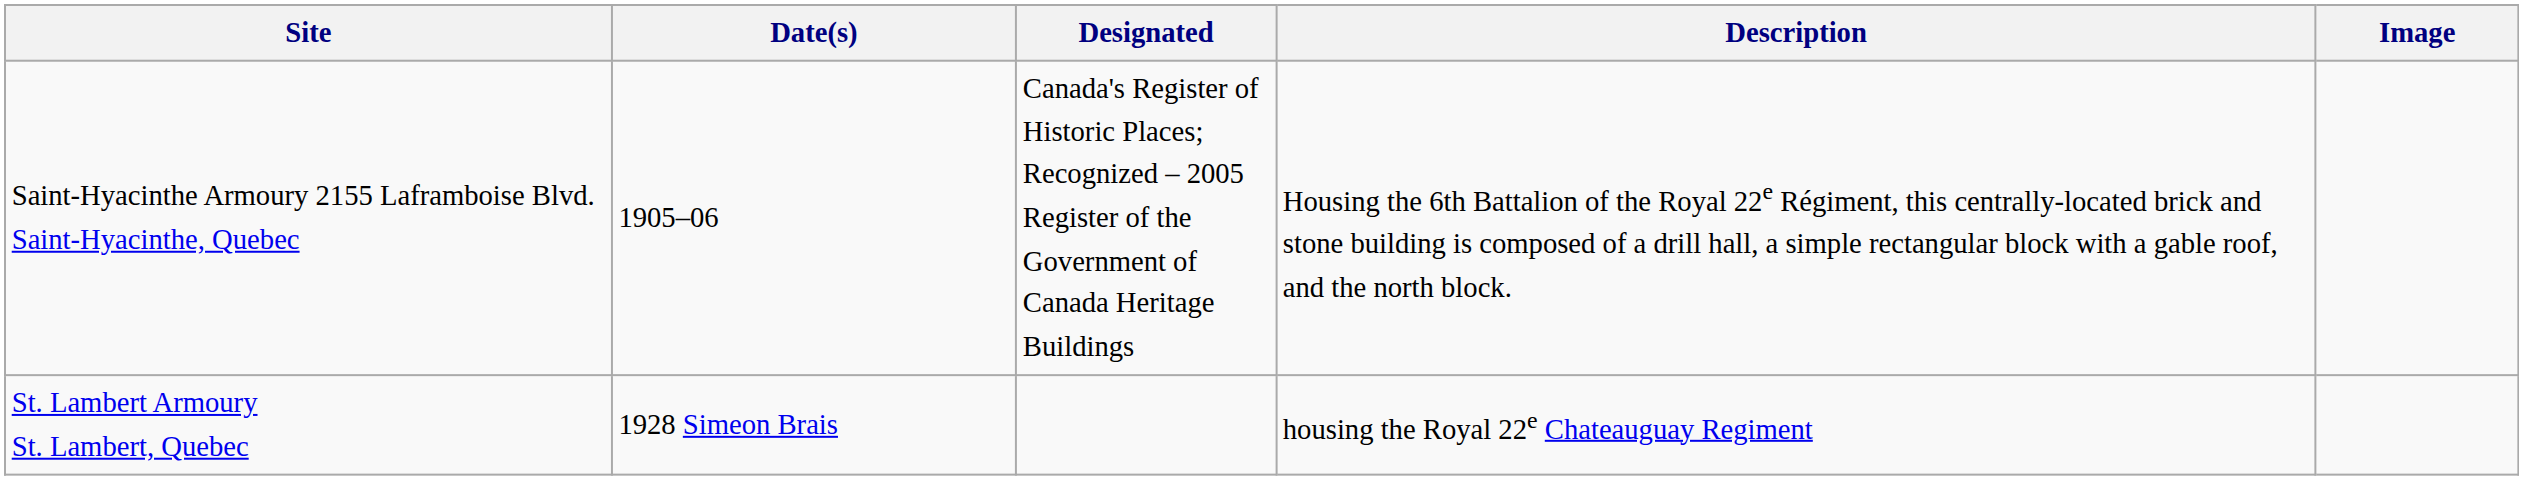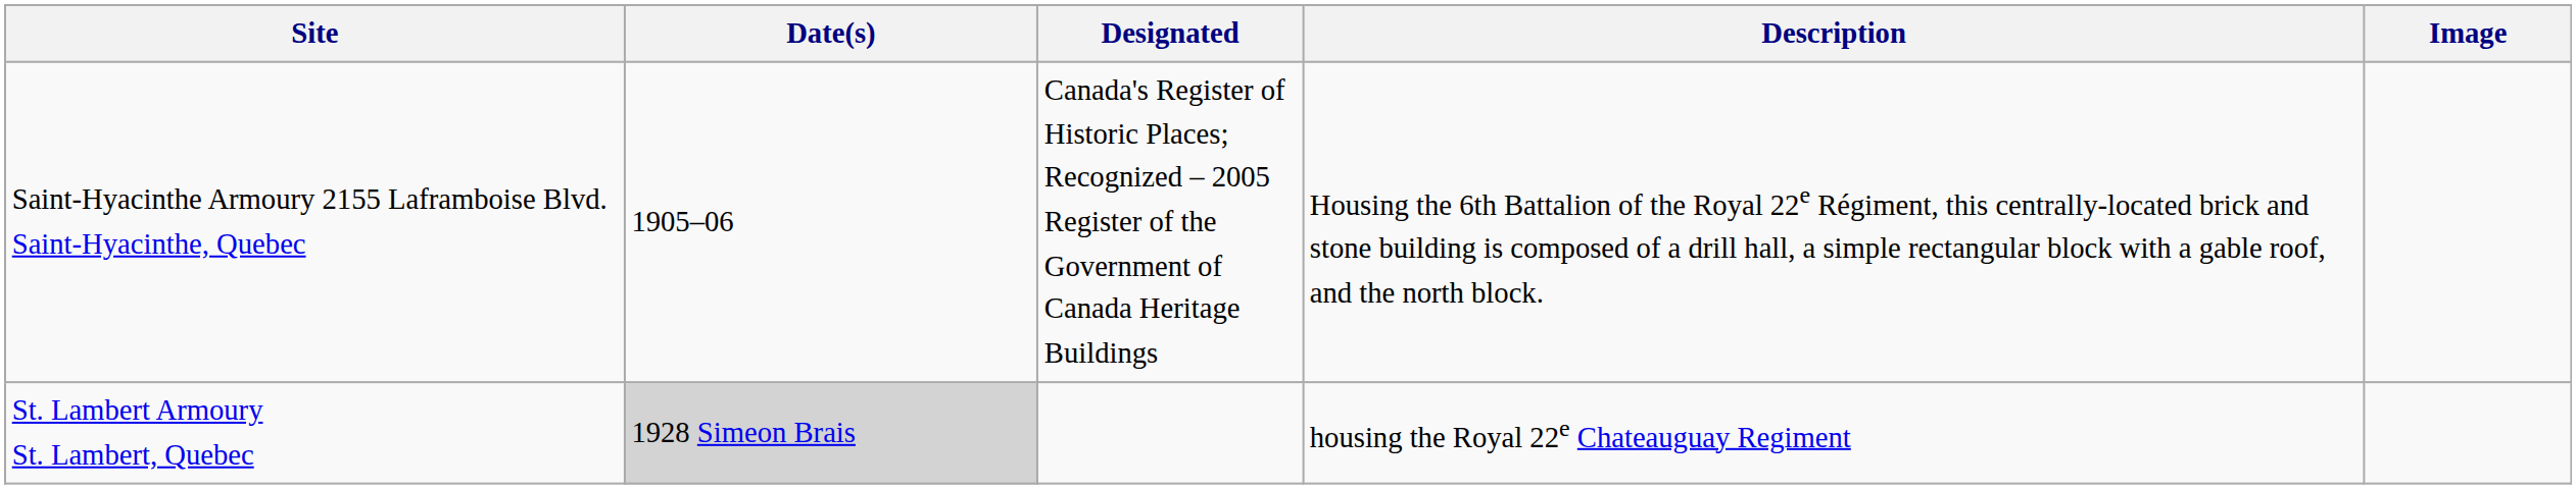 <table class="wikitable sortable" style="font-size:90%; width:100%; border:0; text-align:left; line-height:150%;">
 <tr>
 <th style="background:#f2f2f2; color:navy; width:21%;">Site</th>
 <th style="background:#f2f2f2; color:navy; width:14%;">Date(s)</th>
 <th style="background:#f2f2f2; color:navy; width:9%;">Designated</th>
 <th style="background:#f2f2f2; color:navy; width:36%;" class="unsortable">Description</th>
 <th style="background:#f2f2f2; color:navy; width:7%;" class="unsortable">Image</th>
 </tr>
 <tr>
 <td>Saint-Hyacinthe Armoury 2155 Laframboise Blvd.<br><a href='#'>Saint-Hyacinthe, Quebec</a></td>
 <td>1905–06</td>
 <td>Canada's Register of Historic Places;<br>Recognized – 2005 Register of the Government of Canada Heritage Buildings</td>
 <td><br>Housing the 6th Battalion of the Royal 22<sup>e</sup> Régiment, this centrally-located brick and stone building is composed of a drill hall, a simple rectangular block with a gable roof, and the north block.</td>
 <td></td>
 </tr>
 <tr>
 <td><a href='#'>St. Lambert Armoury</a><br><a href='#'>St. Lambert, Quebec</a></td>
-<td>1928 <a href='#'>Simeon Brais</a></td>
+<td style="background: lightgrey;">1928 <a href='#'>Simeon Brais</a></td>
 <td></td>
 <td>housing the Royal 22<sup>e</sup> <a href='#'>Chateauguay Regiment</a></td>
 <td></td>
 </tr>
 <tr>
 </tr>
 </table>
